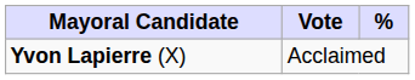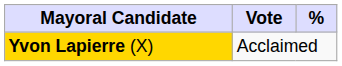 <table class="wikitable">
 <tr>
 <th style="background:#ddf; width:200px;">Mayoral Candidate</th>
 <th style="background:#ddf; width:50px;">Vote</th>
 <th style="background:#ddf; width:30px;">%</th>
 </tr>
 <tr>
-<td><strong>Yvon Lapierre</strong> (X)</td>
+<td style="background: gold;"><strong>Yvon Lapierre</strong> (X)</td>
 <td colspan="2">Acclaimed</td>
 </tr>
 </table>
